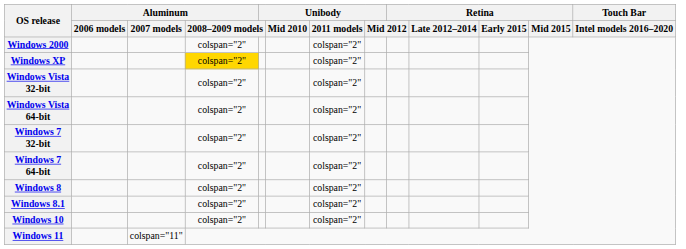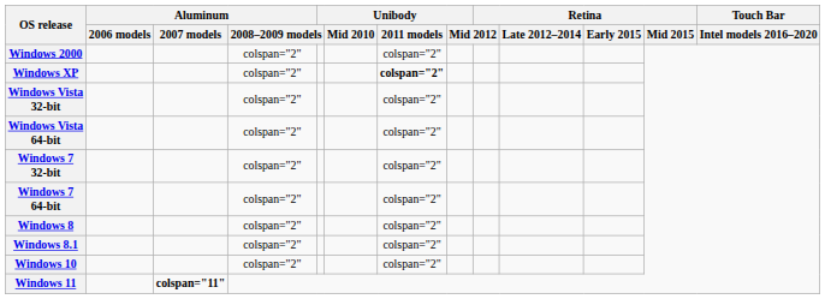 <table class="wikitable" style="font-size:90%; text-align:center">
 <tr>
 <th rowspan="2">OS release</th>
 <th colspan="3">Aluminum</th>
 <th colspan="4">Unibody</th>
 <th colspan="4">Retina</th>
 <th>Touch Bar</th>
 </tr>
 <tr>
 <th>2006 models</th>
 <th>2007 models</th>
 <th colspan="2">2008–2009 models</th>
 <th>Mid 2010</th>
 <th>2011 models</th>
 <th colspan="2">Mid 2012</th>
 <th>Late 2012–2014</th>
 <th>Early 2015</th>
 <th>Mid 2015</th>
 <th>Intel models 2016–2020</th>
 </tr>
 <tr>
 <th><a href='#'>Windows 2000</a></th>
 <td></td>
 <td></td>
 <td>colspan="2"</td>
 <td></td>
 <td></td>
 <td>colspan="2"</td>
 <td></td>
 <td></td>
 <td></td>
 <td></td>
 </tr>
 <tr>
 <th><a href='#'>Windows XP</a><br></th>
 <td></td>
 <td></td>
-<td style="background: gold;">colspan="2"</td>
+<td>colspan="2"</td>
 <td></td>
 <td></td>
-<td>colspan="2"</td>
+<td><strong>colspan="2"</strong></td>
 <td></td>
 <td></td>
 <td></td>
 <td></td>
 </tr>
 <tr>
 <th><a href='#'>Windows Vista</a><br>32-bit</th>
 <td></td>
 <td></td>
 <td>colspan="2"</td>
 <td></td>
 <td></td>
 <td>colspan="2"</td>
 <td></td>
 <td></td>
 <td></td>
 <td></td>
 </tr>
 <tr>
 <th><a href='#'>Windows Vista</a><br>64-bit</th>
 <td></td>
 <td></td>
 <td>colspan="2"</td>
 <td></td>
 <td></td>
 <td>colspan="2"</td>
 <td></td>
 <td></td>
 <td></td>
 <td></td>
 </tr>
 <tr>
 <th><a href='#'>Windows 7</a><br>32-bit</th>
 <td></td>
 <td></td>
 <td>colspan="2"</td>
 <td></td>
 <td></td>
 <td>colspan="2"</td>
 <td></td>
 <td></td>
 <td></td>
 <td></td>
 </tr>
 <tr>
 <th><a href='#'>Windows 7</a><br>64-bit</th>
 <td></td>
 <td></td>
 <td>colspan="2"</td>
 <td></td>
 <td></td>
 <td>colspan="2"</td>
 <td></td>
 <td></td>
 <td></td>
 <td></td>
 </tr>
 <tr>
 <th><a href='#'>Windows 8</a><br></th>
 <td></td>
 <td></td>
 <td>colspan="2"</td>
 <td></td>
 <td></td>
 <td>colspan="2"</td>
 <td></td>
 <td></td>
 <td></td>
 <td></td>
 </tr>
 <tr>
 <th><a href='#'>Windows 8.1</a><br></th>
 <td></td>
 <td></td>
 <td>colspan="2"</td>
 <td></td>
 <td></td>
 <td>colspan="2"</td>
 <td></td>
 <td></td>
 <td></td>
 <td></td>
 </tr>
 <tr>
 <th><a href='#'>Windows 10</a><br></th>
 <td></td>
 <td></td>
 <td>colspan="2"</td>
 <td></td>
 <td></td>
 <td>colspan="2"</td>
 <td></td>
 <td></td>
 <td></td>
 <td></td>
 </tr>
 <tr>
 <th><a href='#'>Windows 11</a><br></th>
 <td></td>
-<td>colspan="11"</td>
+<td><strong>colspan="11"</strong></td>
 </tr>
 </table>
